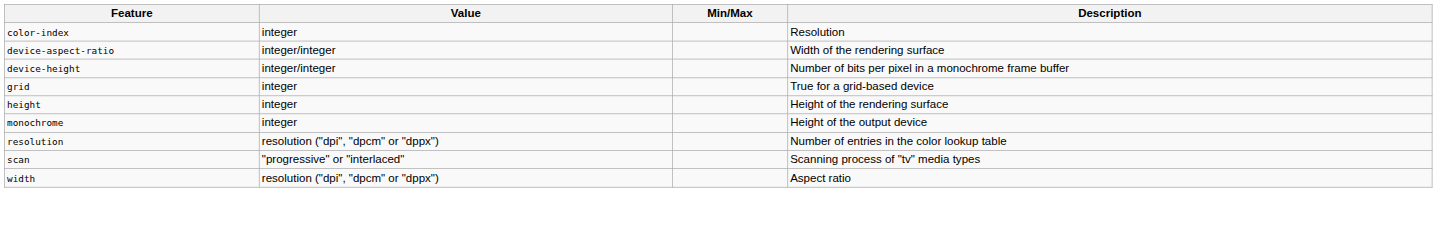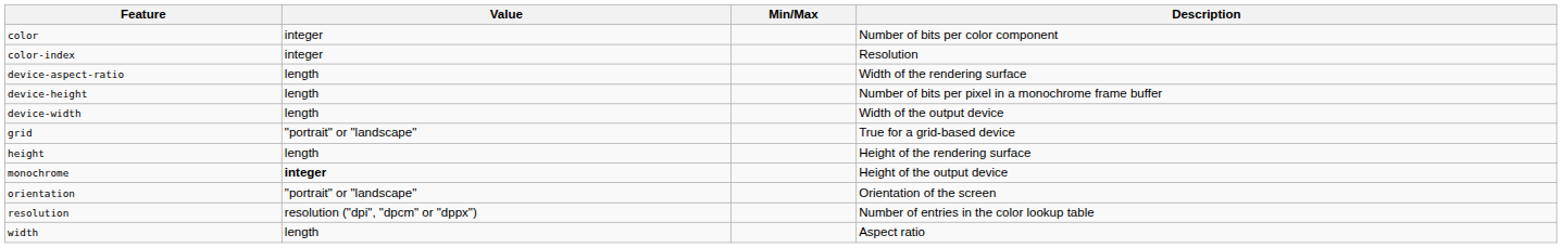 <table class="wikitable sortable" style="width: 100%">
 <tr>
 <th>Feature</th>
 <th>Value</th>
 <th>Min/Max</th>
 <th>Description</th>
+</tr>
+<tr>
+<td><code>color</code></td>
+<td>integer</td>
+<td></td>
+<td>Number of bits per color component</td>
 </tr>
 <tr>
 <td><code>color-index</code></td>
 <td>integer</td>
 <td></td>
 <td>Resolution</td>
 </tr>
 <tr>
 <td><code>device-aspect-ratio</code></td>
-<td>integer/integer</td>
+<td>length</td>
 <td></td>
 <td>Width of the rendering surface</td>
 </tr>
 <tr>
 <td><code>device-height</code></td>
-<td>integer/integer</td>
+<td>length</td>
 <td></td>
 <td>Number of bits per pixel in a monochrome frame buffer</td>
 </tr>
 <tr>
+<td><code>device-width</code></td>
+<td>length</td>
+<td></td>
+<td>Width of the output device</td>
+</tr>
+<tr>
 <td><code>grid</code></td>
-<td>integer</td>
+<td>"portrait" or "landscape"</td>
 <td></td>
 <td>True for a grid-based device</td>
 </tr>
 <tr>
 <td><code>height</code></td>
-<td>integer</td>
+<td>length</td>
 <td></td>
 <td>Height of the rendering surface</td>
 </tr>
 <tr>
 <td><code>monochrome</code></td>
-<td>integer</td>
+<td><strong>integer</strong></td>
 <td></td>
 <td>Height of the output device</td>
+</tr>
+<tr>
+<td><code>orientation</code></td>
+<td>"portrait" or "landscape"</td>
+<td></td>
+<td>Orientation of the screen</td>
 </tr>
 <tr>
 <td><code>resolution</code></td>
 <td>resolution ("dpi", "dpcm" or "dppx")</td>
 <td></td>
 <td>Number of entries in the color lookup table</td>
 </tr>
 <tr>
-<td><code>scan</code></td>
-<td>"progressive" or "interlaced"</td>
-<td></td>
-<td>Scanning process of "tv" media types</td>
-</tr>
-<tr>
 <td><code>width</code></td>
-<td>resolution ("dpi", "dpcm" or "dppx")</td>
+<td>length</td>
 <td></td>
 <td>Aspect ratio</td>
 </tr>
 </table>
